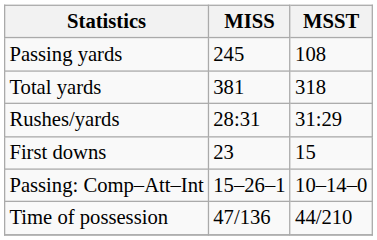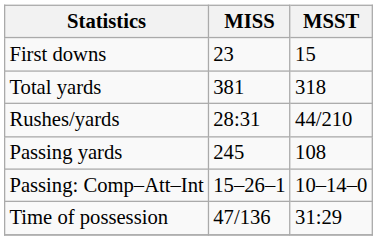 <table class="wikitable" style="float: left;">
 <tr>
 <th>Statistics</th>
 <th>MISS</th>
 <th>MSST</th>
 </tr>
 <tr>
-<td>Passing yards</td>
-<td>245</td>
-<td>108</td>
+<td>First downs</td>
+<td>23</td>
+<td>15</td>
 </tr>
 <tr>
 <td>Total yards</td>
 <td>381</td>
 <td>318</td>
 </tr>
 <tr>
 <td>Rushes/yards</td>
 <td>28:31</td>
-<td>31:29</td>
+<td>44/210</td>
 </tr>
 <tr>
-<td>First downs</td>
-<td>23</td>
-<td>15</td>
+<td>Passing yards</td>
+<td>245</td>
+<td>108</td>
 </tr>
 <tr>
 <td>Passing: Comp–Att–Int</td>
 <td>15–26–1</td>
 <td>10–14–0</td>
 </tr>
 <tr>
 <td>Time of possession</td>
 <td>47/136</td>
-<td>44/210</td>
+<td>31:29</td>
 </tr>
 <tr>
 </tr>
 </table>
